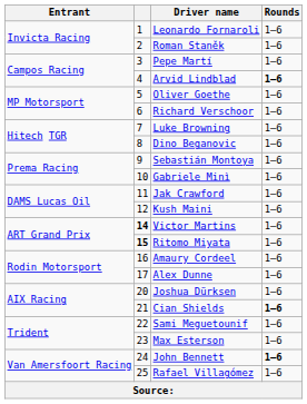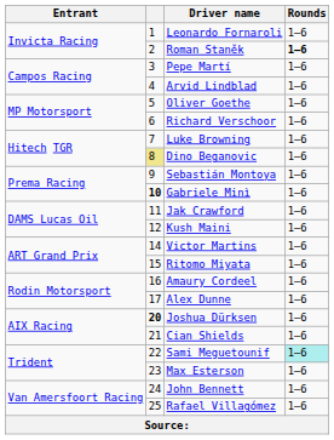 <table class="wikitable" style="font-size: 85%">
 <tr>
 <th>Entrant</th>
 <th></th>
 <th>Driver name</th>
 <th>Rounds</th>
 </tr>
 <tr>
 <td rowspan="2"> <a href='#'>Invicta Racing</a></td>
 <td>1</td>
 <td> <a href='#'>Leonardo Fornaroli</a></td>
 <td>1–6</td>
 </tr>
 <tr>
 <td>2</td>
 <td> <a href='#'>Roman Staněk</a></td>
-<td>1–6</td>
+<td><strong>1–6</strong></td>
 </tr>
 <tr>
 <td rowspan="2"> <a href='#'>Campos Racing</a></td>
 <td>3</td>
 <td> <a href='#'>Pepe Martí</a></td>
 <td>1–6</td>
 </tr>
 <tr>
 <td>4</td>
 <td> <a href='#'>Arvid Lindblad</a></td>
-<td><strong>1–6</strong></td>
+<td>1–6</td>
 </tr>
 <tr>
 <td rowspan="2"> <a href='#'>MP Motorsport</a></td>
 <td>5</td>
 <td> <a href='#'>Oliver Goethe</a></td>
 <td>1–6</td>
 </tr>
 <tr>
 <td>6</td>
 <td> <a href='#'>Richard Verschoor</a></td>
 <td>1–6</td>
 </tr>
 <tr>
 <td rowspan="2"> <a href='#'>Hitech</a> <a href='#'>TGR</a></td>
 <td>7</td>
 <td> <a href='#'>Luke Browning</a></td>
 <td>1–6</td>
 </tr>
 <tr>
-<td>8</td>
+<td style="background: khaki;">8</td>
 <td> <a href='#'>Dino Beganovic</a></td>
 <td>1–6</td>
 </tr>
 <tr>
 <td rowspan="2"> <a href='#'>Prema Racing</a></td>
 <td>9</td>
 <td nowrap> <a href='#'>Sebastián Montoya</a></td>
 <td>1–6</td>
 </tr>
 <tr>
-<td>10</td>
+<td><strong>10</strong></td>
 <td> <a href='#'>Gabriele Minì</a></td>
 <td>1–6</td>
 </tr>
 <tr>
 <td rowspan="2"> <a href='#'>DAMS Lucas Oil</a></td>
 <td>11</td>
 <td> <a href='#'>Jak Crawford</a></td>
 <td>1–6</td>
 </tr>
 <tr>
 <td>12</td>
 <td> <a href='#'>Kush Maini</a></td>
 <td>1–6</td>
 </tr>
 <tr>
 <td rowspan="2"> <a href='#'>ART Grand Prix</a></td>
-<td><strong>14</strong></td>
+<td>14</td>
 <td> <a href='#'>Victor Martins</a></td>
 <td>1–6</td>
 </tr>
 <tr>
-<td><strong>15</strong></td>
+<td>15</td>
 <td> <a href='#'>Ritomo Miyata</a></td>
 <td>1–6</td>
 </tr>
 <tr>
 <td rowspan="2"> <a href='#'>Rodin Motorsport</a></td>
 <td>16</td>
 <td> <a href='#'>Amaury Cordeel</a></td>
 <td>1–6</td>
 </tr>
 <tr>
 <td>17</td>
 <td> <a href='#'>Alex Dunne</a></td>
 <td>1–6</td>
 </tr>
 <tr>
 <td rowspan="2"> <a href='#'>AIX Racing</a></td>
-<td>20</td>
+<td><strong>20</strong></td>
 <td> <a href='#'>Joshua Dürksen</a></td>
 <td>1–6</td>
 </tr>
 <tr>
 <td>21</td>
 <td> <a href='#'>Cian Shields</a></td>
-<td><strong>1–6</strong></td>
+<td>1–6</td>
 </tr>
 <tr>
 <td rowspan="2"> <a href='#'>Trident</a></td>
 <td>22</td>
 <td> <a href='#'>Sami Meguetounif</a></td>
-<td>1–6</td>
+<td style="background: paleturquoise;">1–6</td>
 </tr>
 <tr>
 <td>23</td>
 <td> <a href='#'>Max Esterson</a></td>
 <td>1–6</td>
 </tr>
 <tr>
 <td rowspan="2" nowrap=""> <a href='#'>Van Amersfoort Racing</a></td>
 <td>24</td>
 <td> <a href='#'>John Bennett</a></td>
-<td><strong>1–6</strong></td>
+<td>1–6</td>
 </tr>
 <tr>
 <td>25</td>
 <td> <a href='#'>Rafael Villagómez</a></td>
 <td>1–6</td>
 </tr>
 <tr>
 <th colspan="4">Source:</th>
 </tr>
 </table>
